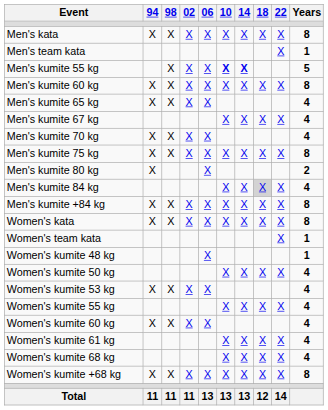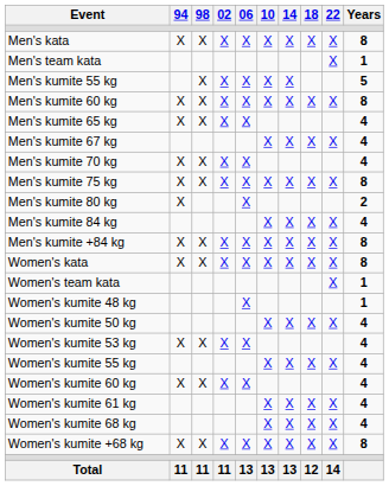 <table class = "wikitable" style="text-align:center;">
 <tr>
 <th width="200">Event</th>
 <th width=20><a href='#'>94</a></th>
 <th width=20><a href='#'>98</a></th>
 <th width=20><a href='#'>02</a></th>
 <th width=20><a href='#'>06</a></th>
 <th width=20><a href='#'>10</a></th>
 <th width=20><a href='#'>14</a></th>
 <th width=20><a href='#'>18</a></th>
 <th width=20><a href='#'>22</a></th>
 <th width=40>Years</th>
 </tr>
 <tr bgcolor=#DDDDDD>
 <td colspan=10></td>
 </tr>
 <tr>
 <td align=left>Men's kata</td>
 <td>X</td>
 <td>X</td>
 <td><a href='#'>X</a></td>
 <td><a href='#'>X</a></td>
 <td><a href='#'>X</a></td>
 <td><a href='#'>X</a></td>
 <td><a href='#'>X</a></td>
 <td><a href='#'>X</a></td>
 <td><strong>8</strong></td>
 </tr>
 <tr>
 <td align=left>Men's team kata</td>
 <td></td>
 <td></td>
 <td></td>
 <td></td>
 <td></td>
 <td></td>
 <td></td>
 <td><a href='#'>X</a></td>
 <td><strong>1</strong></td>
 </tr>
 <tr>
 <td align=left>Men's kumite 55 kg</td>
 <td></td>
 <td>X</td>
 <td><a href='#'>X</a></td>
 <td><a href='#'>X</a></td>
-<td><strong><a href='#'>X</a></strong></td>
-<td><strong><a href='#'>X</a></strong></td>
+<td><a href='#'>X</a></td>
+<td><a href='#'>X</a></td>
 <td></td>
 <td></td>
 <td><strong>5</strong></td>
 </tr>
 <tr>
 <td align=left>Men's kumite 60 kg</td>
 <td>X</td>
 <td>X</td>
 <td><a href='#'>X</a></td>
 <td><a href='#'>X</a></td>
 <td><a href='#'>X</a></td>
 <td><a href='#'>X</a></td>
 <td><a href='#'>X</a></td>
 <td><a href='#'>X</a></td>
 <td><strong>8</strong></td>
 </tr>
 <tr>
 <td align=left>Men's kumite 65 kg</td>
 <td>X</td>
 <td>X</td>
 <td><a href='#'>X</a></td>
 <td><a href='#'>X</a></td>
 <td></td>
 <td></td>
 <td></td>
 <td></td>
 <td><strong>4</strong></td>
 </tr>
 <tr>
 <td align=left>Men's kumite 67 kg</td>
 <td></td>
 <td></td>
 <td></td>
 <td></td>
 <td><a href='#'>X</a></td>
 <td><a href='#'>X</a></td>
 <td><a href='#'>X</a></td>
 <td><a href='#'>X</a></td>
 <td><strong>4</strong></td>
 </tr>
 <tr>
 <td align=left>Men's kumite 70 kg</td>
 <td>X</td>
 <td>X</td>
 <td><a href='#'>X</a></td>
 <td><a href='#'>X</a></td>
 <td></td>
 <td></td>
 <td></td>
 <td></td>
 <td><strong>4</strong></td>
 </tr>
 <tr>
 <td align=left>Men's kumite 75 kg</td>
 <td>X</td>
 <td>X</td>
 <td><a href='#'>X</a></td>
 <td><a href='#'>X</a></td>
 <td><a href='#'>X</a></td>
 <td><a href='#'>X</a></td>
 <td><a href='#'>X</a></td>
 <td><a href='#'>X</a></td>
 <td><strong>8</strong></td>
 </tr>
 <tr>
 <td align=left>Men's kumite 80 kg</td>
 <td>X</td>
 <td></td>
 <td></td>
 <td><a href='#'>X</a></td>
 <td></td>
 <td></td>
 <td></td>
 <td></td>
 <td><strong>2</strong></td>
 </tr>
 <tr>
 <td align=left>Men's kumite 84 kg</td>
 <td></td>
 <td></td>
 <td></td>
 <td></td>
 <td><a href='#'>X</a></td>
 <td><a href='#'>X</a></td>
-<td style="background: lightgrey;"><a href='#'>X</a></td>
+<td><a href='#'>X</a></td>
 <td><a href='#'>X</a></td>
 <td><strong>4</strong></td>
 </tr>
 <tr>
 <td align=left>Men's kumite +84 kg</td>
 <td>X</td>
 <td>X</td>
 <td><a href='#'>X</a></td>
 <td><a href='#'>X</a></td>
 <td><a href='#'>X</a></td>
 <td><a href='#'>X</a></td>
 <td><a href='#'>X</a></td>
 <td><a href='#'>X</a></td>
 <td><strong>8</strong></td>
 </tr>
 <tr>
 <td align=left>Women's kata</td>
 <td>X</td>
 <td>X</td>
 <td><a href='#'>X</a></td>
 <td><a href='#'>X</a></td>
 <td><a href='#'>X</a></td>
 <td><a href='#'>X</a></td>
 <td><a href='#'>X</a></td>
 <td><a href='#'>X</a></td>
 <td><strong>8</strong></td>
 </tr>
 <tr>
 <td align=left>Women's team kata</td>
 <td></td>
 <td></td>
 <td></td>
 <td></td>
 <td></td>
 <td></td>
 <td></td>
 <td><a href='#'>X</a></td>
 <td><strong>1</strong></td>
 </tr>
 <tr>
 <td align=left>Women's kumite 48 kg</td>
 <td></td>
 <td></td>
 <td></td>
 <td><a href='#'>X</a></td>
 <td></td>
 <td></td>
 <td></td>
 <td></td>
 <td><strong>1</strong></td>
 </tr>
 <tr>
 <td align=left>Women's kumite 50 kg</td>
 <td></td>
 <td></td>
 <td></td>
 <td></td>
 <td><a href='#'>X</a></td>
 <td><a href='#'>X</a></td>
 <td><a href='#'>X</a></td>
 <td><a href='#'>X</a></td>
 <td><strong>4</strong></td>
 </tr>
 <tr>
 <td align=left>Women's kumite 53 kg</td>
 <td>X</td>
 <td>X</td>
 <td><a href='#'>X</a></td>
 <td><a href='#'>X</a></td>
 <td></td>
 <td></td>
 <td></td>
 <td></td>
 <td><strong>4</strong></td>
 </tr>
 <tr>
 <td align=left>Women's kumite 55 kg</td>
 <td></td>
 <td></td>
 <td></td>
 <td></td>
 <td><a href='#'>X</a></td>
 <td><a href='#'>X</a></td>
 <td><a href='#'>X</a></td>
 <td><a href='#'>X</a></td>
 <td><strong>4</strong></td>
 </tr>
 <tr>
 <td align=left>Women's kumite 60 kg</td>
 <td>X</td>
 <td>X</td>
 <td><a href='#'>X</a></td>
 <td><a href='#'>X</a></td>
 <td></td>
 <td></td>
 <td></td>
 <td></td>
 <td><strong>4</strong></td>
 </tr>
 <tr>
 <td align=left>Women's kumite 61 kg</td>
 <td></td>
 <td></td>
 <td></td>
 <td></td>
 <td><a href='#'>X</a></td>
 <td><a href='#'>X</a></td>
 <td><a href='#'>X</a></td>
 <td><a href='#'>X</a></td>
 <td><strong>4</strong></td>
 </tr>
 <tr>
 <td align=left>Women's kumite 68 kg</td>
 <td></td>
 <td></td>
 <td></td>
 <td></td>
 <td><a href='#'>X</a></td>
 <td><a href='#'>X</a></td>
 <td><a href='#'>X</a></td>
 <td><a href='#'>X</a></td>
 <td><strong>4</strong></td>
 </tr>
 <tr>
 <td align=left>Women's kumite +68 kg</td>
 <td>X</td>
 <td>X</td>
 <td><a href='#'>X</a></td>
 <td><a href='#'>X</a></td>
 <td><a href='#'>X</a></td>
 <td><a href='#'>X</a></td>
 <td><a href='#'>X</a></td>
 <td><a href='#'>X</a></td>
 <td><strong>8</strong></td>
 </tr>
 <tr bgcolor=#DDDDDD>
 <td colspan=10></td>
 </tr>
 <tr>
 <th>Total</th>
 <th>11</th>
 <th>11</th>
 <th>11</th>
 <th>13</th>
 <th>13</th>
 <th>13</th>
 <th>12</th>
 <th>14</th>
 <th></th>
 </tr>
 </table>
